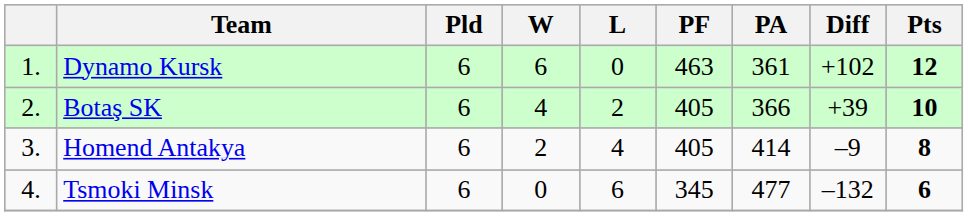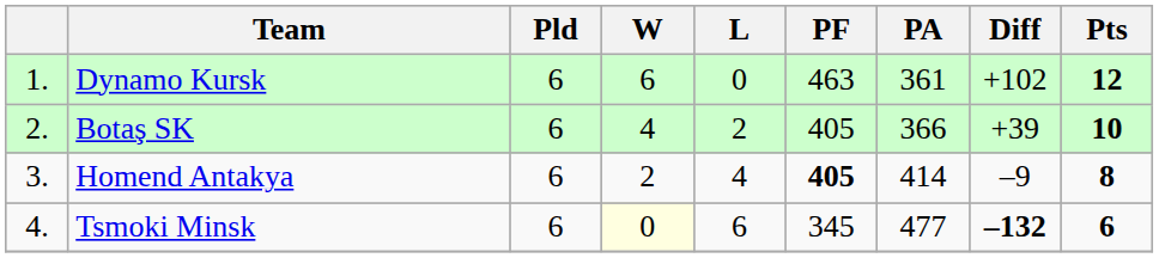 <table class="wikitable" style="text-align:center">
 <tr>
 <th width=25></th>
 <th width=220>Team</th>
 <th width=40>Pld</th>
 <th width=40>W</th>
 <th width=40>L</th>
 <th width=40>PF</th>
 <th width=40>PA</th>
 <th width=40>Diff</th>
 <th width=40>Pts</th>
 </tr>
 <tr style="background:#cfc;">
 <td>1.</td>
 <td align=left> <a href='#'>Dynamo Kursk</a></td>
 <td>6</td>
 <td>6</td>
 <td>0</td>
 <td>463</td>
 <td>361</td>
 <td>+102</td>
 <td><strong>12</strong></td>
 </tr>
 <tr style="background:#cfc;">
 <td>2.</td>
 <td align=left> <a href='#'>Botaş SK</a></td>
 <td>6</td>
 <td>4</td>
 <td>2</td>
 <td>405</td>
 <td>366</td>
 <td>+39</td>
 <td><strong>10</strong></td>
 </tr>
 <tr>
 <td>3.</td>
 <td align=left> <a href='#'>Homend Antakya</a></td>
 <td>6</td>
 <td>2</td>
 <td>4</td>
-<td>405</td>
+<td><strong>405</strong></td>
 <td>414</td>
 <td>–9</td>
 <td><strong>8</strong></td>
 </tr>
 <tr>
 <td>4.</td>
 <td align=left> <a href='#'>Tsmoki Minsk</a></td>
 <td>6</td>
-<td>0</td>
+<td style="background: lightyellow;">0</td>
 <td>6</td>
 <td>345</td>
 <td>477</td>
-<td>–132</td>
+<td><strong>–132</strong></td>
 <td><strong>6</strong></td>
 </tr>
 <tr>
 </tr>
 </table>
